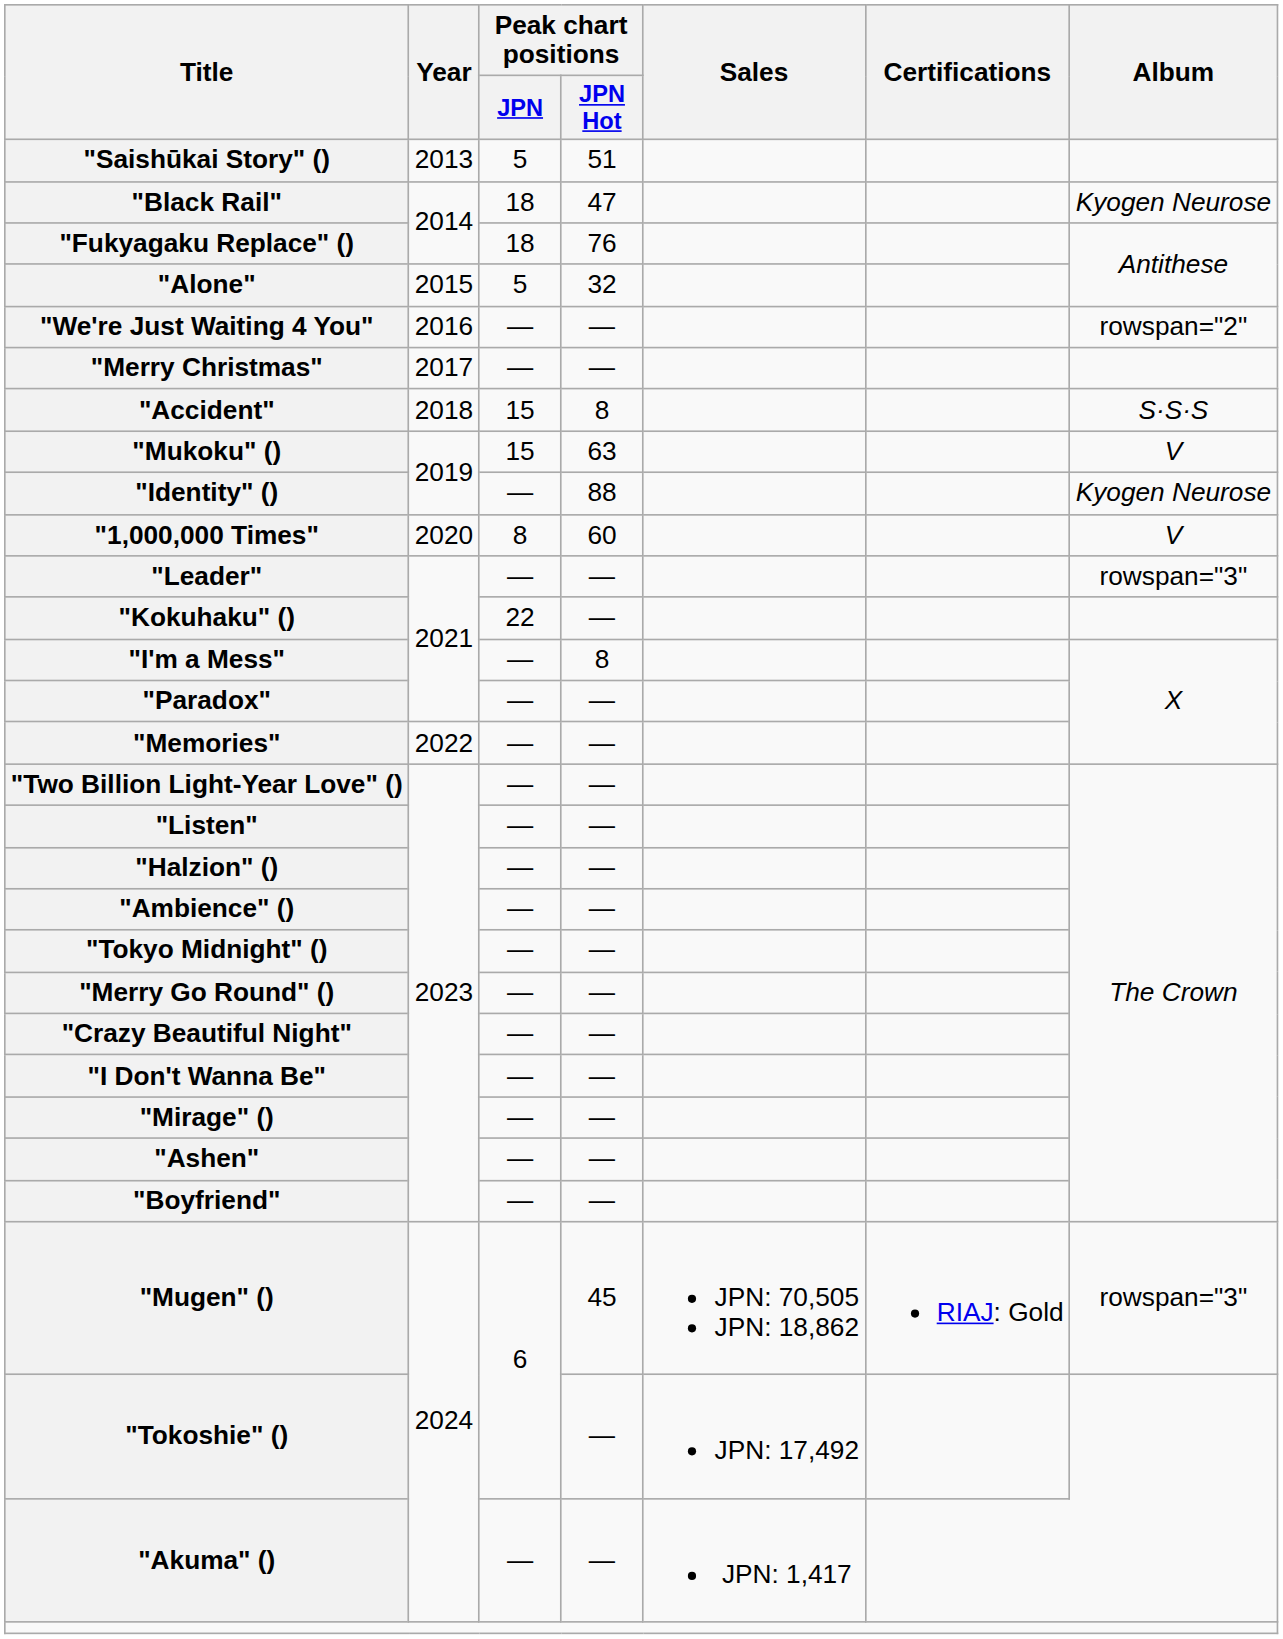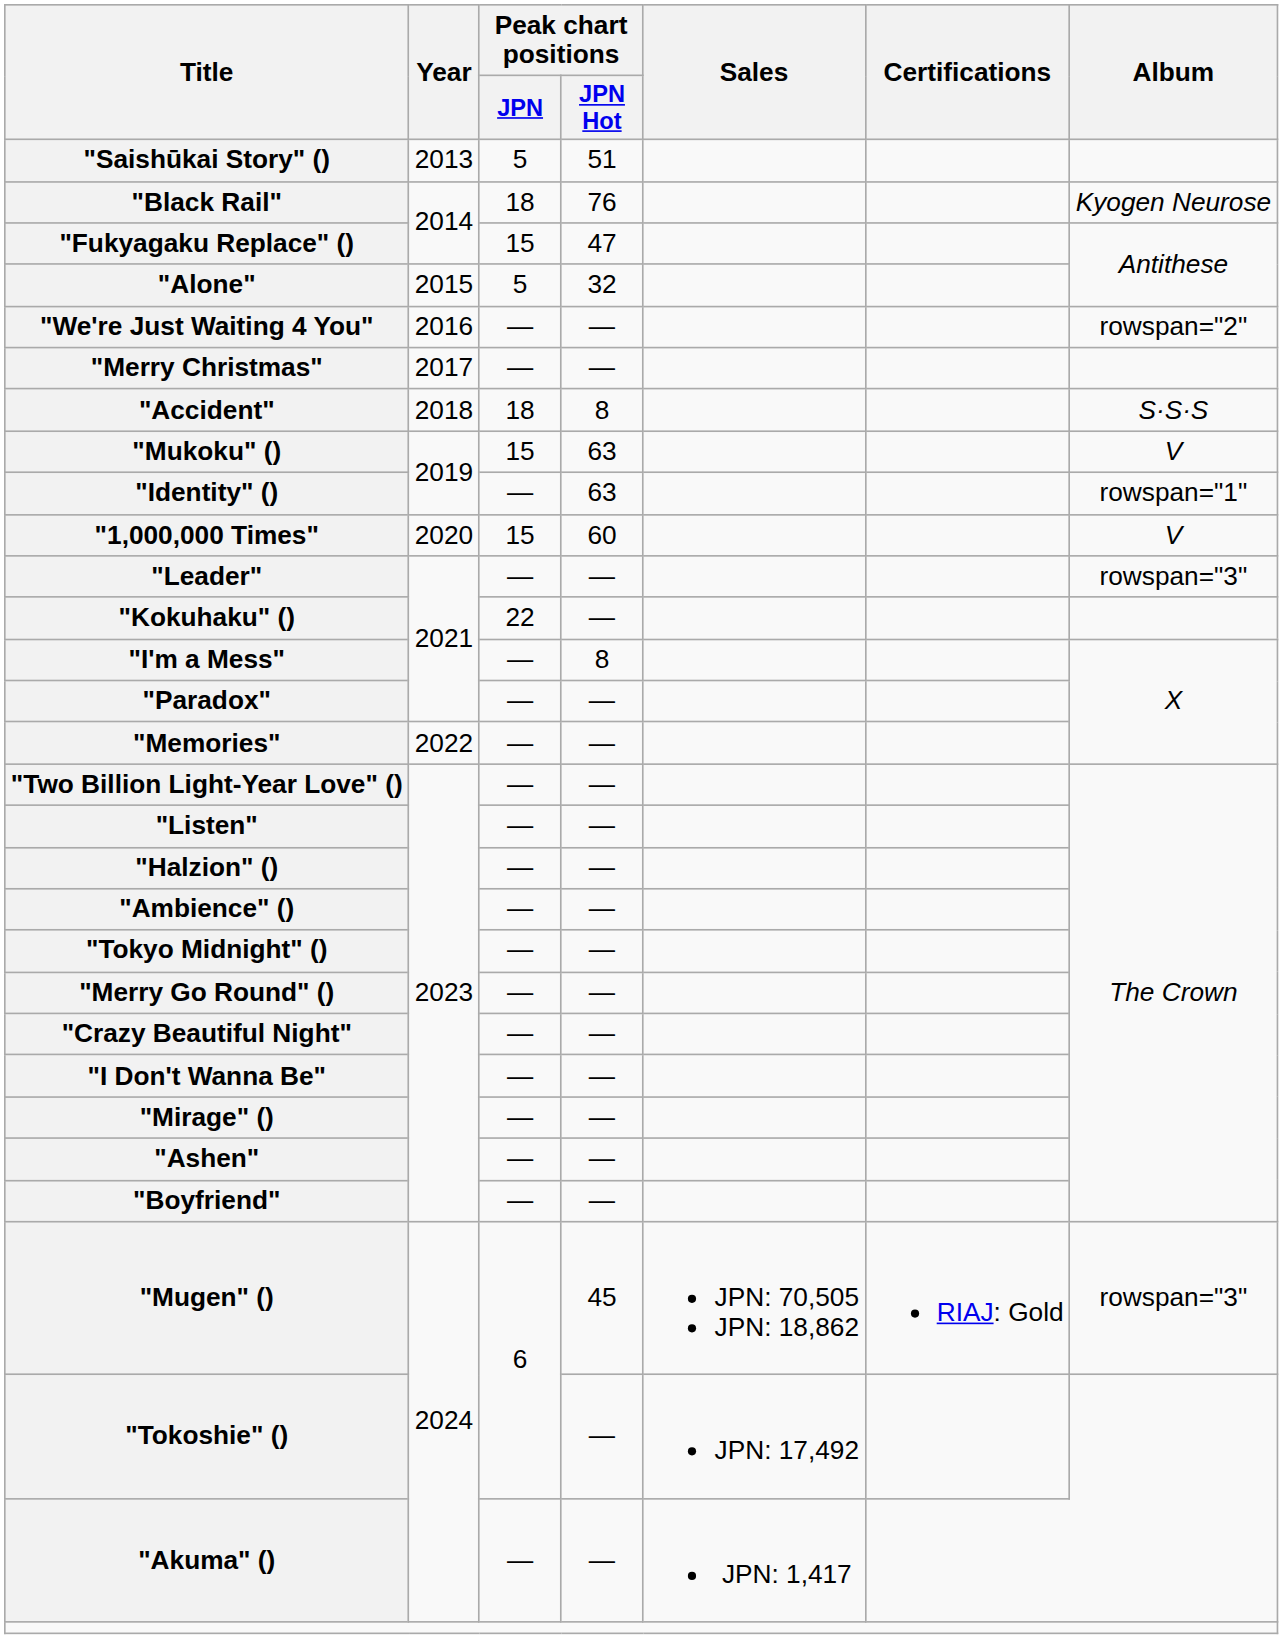 <table class="wikitable plainrowheaders" style="text-align:center;">
 <tr>
 <th scope="col" rowspan="2">Title</th>
 <th scope="col" rowspan="2">Year</th>
 <th scope="col" colspan="2">Peak chart positions</th>
 <th scope="col" rowspan="2">Sales</th>
 <th scope="col" rowspan="2">Certifications</th>
 <th scope="col" rowspan="2">Album</th>
 </tr>
 <tr>
 <th scope="col" style="width:3em;font-size:90%;"><a href='#'>JPN</a><br></th>
 <th scope="col" style="width:3em;font-size:90%;"><a href='#'>JPN<br>Hot</a><br></th>
 </tr>
 <tr>
 <th scope="row">"Saishūkai Story" ()</th>
 <td>2013</td>
 <td>5</td>
 <td>51</td>
 <td></td>
 <td></td>
 <td></td>
 </tr>
 <tr>
 <th scope="row">"Black Rail"</th>
 <td rowspan="2">2014</td>
 <td>18</td>
-<td>47</td>
+<td>76</td>
 <td></td>
 <td></td>
 <td><em>Kyogen Neurose</em></td>
 </tr>
 <tr>
 <th scope="row">"Fukyagaku Replace" ()</th>
-<td>18</td>
-<td>76</td>
+<td>15</td>
+<td>47</td>
 <td></td>
 <td></td>
 <td rowspan="2"><em>Antithese</em></td>
 </tr>
 <tr>
 <th scope="row">"Alone"</th>
 <td>2015</td>
 <td>5</td>
 <td>32</td>
 <td></td>
 <td></td>
 </tr>
 <tr>
 <th scope="row">"We're Just Waiting 4 You"</th>
 <td>2016</td>
 <td>—</td>
 <td>—</td>
 <td></td>
 <td></td>
 <td>rowspan="2" </td>
 </tr>
 <tr>
 <th scope="row">"Merry Christmas"</th>
 <td>2017</td>
 <td>—</td>
 <td>—</td>
 <td></td>
 <td></td>
 </tr>
 <tr>
 <th scope="row">"Accident"</th>
 <td>2018</td>
-<td>15</td>
+<td>18</td>
 <td>8</td>
 <td></td>
 <td></td>
 <td><em>S·S·S</em></td>
 </tr>
 <tr>
 <th scope="row">"Mukoku" ()</th>
 <td rowspan="2">2019</td>
 <td>15</td>
 <td>63</td>
 <td></td>
 <td></td>
 <td rowspan="1"><em>V</em></td>
 </tr>
 <tr>
 <th scope="row">"Identity" ()</th>
 <td>—</td>
-<td>88</td>
+<td>63</td>
 <td></td>
 <td></td>
-<td><em>Kyogen Neurose</em></td>
+<td>rowspan="1" </td>
 </tr>
 <tr>
 <th scope="row">"1,000,000 Times"<br></th>
 <td>2020</td>
-<td>8</td>
+<td>15</td>
 <td>60</td>
 <td></td>
 <td></td>
 <td rowspan="1"><em>V</em></td>
 </tr>
 <tr>
 <th scope="row">"Leader"</th>
 <td rowspan="4">2021</td>
 <td>—</td>
 <td>—</td>
 <td></td>
 <td></td>
 <td>rowspan="3" </td>
 </tr>
 <tr>
 <th scope="row">"Kokuhaku" ()</th>
 <td>22</td>
 <td>—</td>
 <td></td>
 <td></td>
 </tr>
 <tr>
 <th scope="row">"I'm a Mess"</th>
 <td>—</td>
 <td>8</td>
 <td></td>
 <td></td>
 <td rowspan="3"><em>X</em></td>
 </tr>
 <tr>
 <th scope="row">"Paradox"</th>
 <td>—</td>
 <td>—</td>
 <td></td>
 <td></td>
 </tr>
 <tr>
 <th scope="row">"Memories"</th>
 <td>2022</td>
 <td>—</td>
 <td>—</td>
 <td></td>
 <td></td>
 </tr>
 <tr>
 <th scope="row">"Two Billion Light-Year Love" ()</th>
 <td rowspan="11">2023</td>
 <td>—</td>
 <td>—</td>
 <td></td>
 <td></td>
 <td rowspan="11"><em>The Crown</em></td>
 </tr>
 <tr>
 <th scope="row">"Listen"</th>
 <td>—</td>
 <td>—</td>
 <td></td>
 <td></td>
 </tr>
 <tr>
 <th scope="row">"Halzion" ()</th>
 <td>—</td>
 <td>—</td>
 <td></td>
 <td></td>
 </tr>
 <tr>
 <th scope="row">"Ambience" ()</th>
 <td>—</td>
 <td>—</td>
 <td></td>
 <td></td>
 </tr>
 <tr>
 <th scope="row">"Tokyo Midnight" ()</th>
 <td>—</td>
 <td>—</td>
 <td></td>
 <td></td>
 </tr>
 <tr>
 <th scope="row">"Merry Go Round" ()</th>
 <td>—</td>
 <td>—</td>
 <td></td>
 <td></td>
 </tr>
 <tr>
 <th scope="row">"Crazy Beautiful Night"</th>
 <td>—</td>
 <td>—</td>
 <td></td>
 <td></td>
 </tr>
 <tr>
 <th scope="row">"I Don't Wanna Be"</th>
 <td>—</td>
 <td>—</td>
 <td></td>
 <td></td>
 </tr>
 <tr>
 <th scope="row">"Mirage" ()</th>
 <td>—</td>
 <td>—</td>
 <td></td>
 <td></td>
 </tr>
 <tr>
 <th scope="row">"Ashen"</th>
 <td>—</td>
 <td>—</td>
 <td></td>
 <td></td>
 </tr>
 <tr>
 <th scope="row">"Boyfriend"</th>
 <td>—</td>
 <td>—</td>
 <td></td>
 <td></td>
 </tr>
 <tr>
 <th scope="row">"Mugen" ()<br></th>
 <td rowspan="3">2024</td>
 <td rowspan="2">6</td>
 <td>45</td>
 <td><br><ul><li>JPN: 70,505 </li><li>JPN: 18,862 </li></ul></td>
 <td><br><ul><li><a href='#'>RIAJ</a>: Gold </li></ul></td>
 <td>rowspan="3" </td>
 </tr>
 <tr>
 <th scope="row">"Tokoshie" ()<br></th>
 <td>—</td>
 <td><br><ul><li>JPN: 17,492 </li></ul></td>
 <td></td>
 </tr>
 <tr>
 <th scope="row">"Akuma" ()</th>
 <td>—</td>
 <td>—</td>
 <td><br><ul><li>JPN: 1,417 </li></ul></td>
 </tr>
 <tr>
 <td colspan="7"></td>
 </tr>
 </table>
